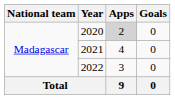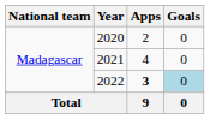 <table class="wikitable" style="text-align:center">
 <tr>
 <th>National team</th>
 <th>Year</th>
 <th>Apps</th>
 <th>Goals</th>
 </tr>
 <tr>
 <td rowspan="3"><a href='#'>Madagascar</a></td>
 <td>2020</td>
-<td style="background: lightgrey;">2</td>
+<td>2</td>
 <td>0</td>
 </tr>
 <tr>
 <td>2021</td>
 <td>4</td>
 <td>0</td>
 </tr>
 <tr>
 <td>2022</td>
-<td>3</td>
-<td>0</td>
+<td><strong>3</strong></td>
+<td style="background: lightblue;">0</td>
 </tr>
 <tr>
 <th colspan="2">Total</th>
 <th>9</th>
 <th>0</th>
 </tr>
 </table>
